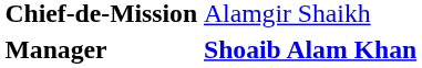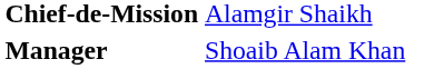 <table "style=text-align:left">
 <tr>
 <td><strong>Chief-de-Mission</strong></td>
 <td> <a href='#'>Alamgir Shaikh</a></td>
 </tr>
 <tr>
 <td><strong>Manager</strong></td>
-<td><strong> <a href='#'>Shoaib Alam Khan</a></strong></td>
+<td> <a href='#'>Shoaib Alam Khan</a></td>
 </tr>
 </table>
